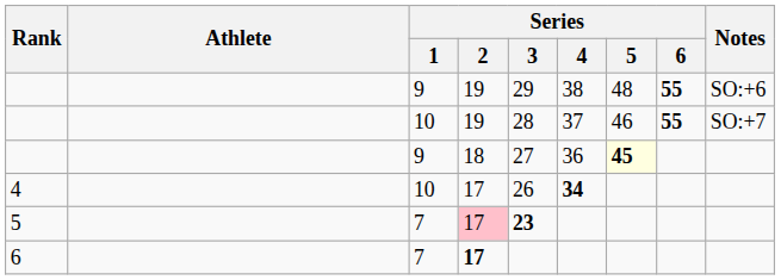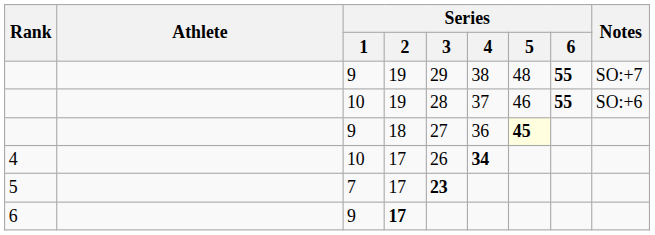 <table class="wikitable">
 <tr>
 <th rowspan="2" width="40">Rank</th>
 <th rowspan="2" width="250">Athlete</th>
 <th colspan="6">Series</th>
 <th rowspan="2" width="45">Notes</th>
 </tr>
 <tr>
 <th width="30">1</th>
 <th width="30">2</th>
 <th width="30">3</th>
 <th width="30">4</th>
 <th width="30">5</th>
 <th width="30">6</th>
 </tr>
 <tr>
 <td></td>
 <td align="left"></td>
 <td>9</td>
 <td>19</td>
 <td>29</td>
 <td>38</td>
 <td>48</td>
 <td><strong>55</strong></td>
-<td>SO:+6</td>
+<td>SO:+7</td>
 </tr>
 <tr>
 <td></td>
 <td align="left"></td>
 <td>10</td>
 <td>19</td>
 <td>28</td>
 <td>37</td>
 <td>46</td>
 <td><strong>55</strong></td>
-<td>SO:+7</td>
+<td>SO:+6</td>
 </tr>
 <tr>
 <td></td>
 <td align="left"></td>
 <td>9</td>
 <td>18</td>
 <td>27</td>
 <td>36</td>
 <td style="background: lightyellow;"><strong>45</strong></td>
 <td></td>
 <td></td>
 </tr>
 <tr>
 <td>4</td>
 <td align="left"></td>
 <td>10</td>
 <td>17</td>
 <td>26</td>
 <td><strong>34</strong></td>
 <td></td>
 <td></td>
 <td></td>
 </tr>
 <tr>
 <td>5</td>
 <td align="left"></td>
 <td>7</td>
-<td style="background: pink;">17</td>
+<td>17</td>
 <td><strong>23</strong></td>
 <td></td>
 <td></td>
 <td></td>
 <td></td>
 </tr>
 <tr>
 <td>6</td>
 <td align="left"></td>
-<td>7</td>
+<td>9</td>
 <td><strong>17</strong></td>
 <td></td>
 <td></td>
 <td></td>
 <td></td>
 <td></td>
 </tr>
 </table>
